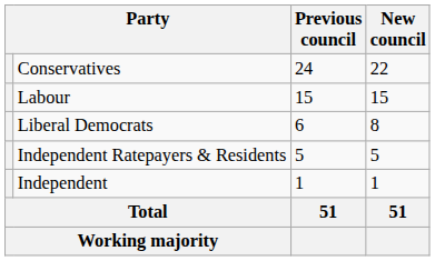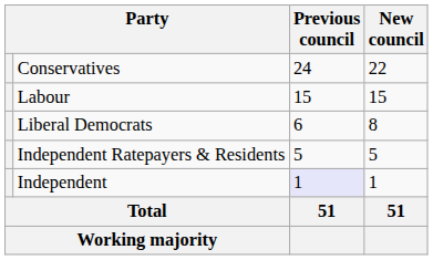 <table class="wikitable">
 <tr>
 <th valign=top colspan="2" style="width: 230px">Party</th>
 <th valign=top style="width: 30px">Previous council</th>
 <th valign=top style="width: 30px">New council</th>
 </tr>
 <tr>
 <th style="background-color: "></th>
 <td>Conservatives</td>
 <td>24</td>
 <td>22</td>
 </tr>
 <tr>
 <th style="background-color: "></th>
 <td>Labour</td>
 <td>15</td>
 <td>15</td>
 </tr>
 <tr>
 <th style="background-color: "></th>
 <td>Liberal Democrats</td>
 <td>6</td>
 <td>8</td>
 </tr>
 <tr>
 <th style="background-color: "></th>
 <td>Independent Ratepayers & Residents</td>
 <td>5</td>
 <td>5</td>
 </tr>
 <tr>
 <th style="background-color: "></th>
 <td>Independent</td>
-<td>1</td>
+<td style="background: lavender;">1</td>
 <td>1</td>
 </tr>
 <tr>
 <th colspan=2>Total</th>
 <th style="text-align: center">51</th>
 <th colspan=3>51</th>
 </tr>
 <tr>
 <th colspan=2>Working majority</th>
 <th></th>
 <th></th>
 </tr>
 </table>
